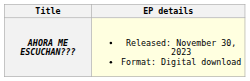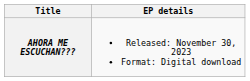 <table class="wikitable plainrowheaders" style="text-align:center;">
 <tr>
 <th scope="col" style="width:10em;">Title</th>
 <th scope="col" style="width:18em;">EP details</th>
 </tr>
 <tr>
 <th scope="row"><em>AHORA ME ESCUCHAN???</em></th>
-<td style="background: lightyellow;"><br><ul><li>Released: November 30, 2023</li><li>Format: Digital download</li></ul></td>
+<td><br><ul><li>Released: November 30, 2023</li><li>Format: Digital download</li></ul></td>
 </tr>
 </table>
